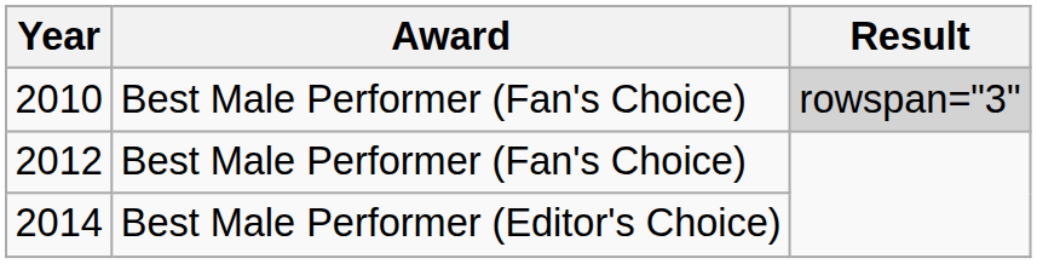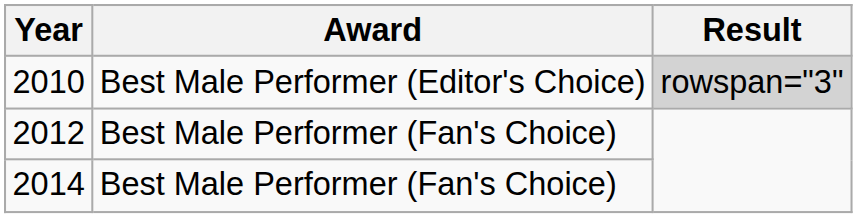 <table class="wikitable">
 <tr>
 <th>Year</th>
 <th>Award</th>
 <th>Result</th>
 </tr>
 <tr>
 <td>2010</td>
-<td>Best Male Performer (Fan's Choice)</td>
+<td>Best Male Performer (Editor's Choice)</td>
 <td style="background: lightgrey;">rowspan="3" </td>
 </tr>
 <tr>
 <td>2012</td>
 <td>Best Male Performer (Fan's Choice)</td>
 </tr>
 <tr>
 <td>2014</td>
-<td>Best Male Performer (Editor's Choice)</td>
+<td>Best Male Performer (Fan's Choice)</td>
 </tr>
 </table>
